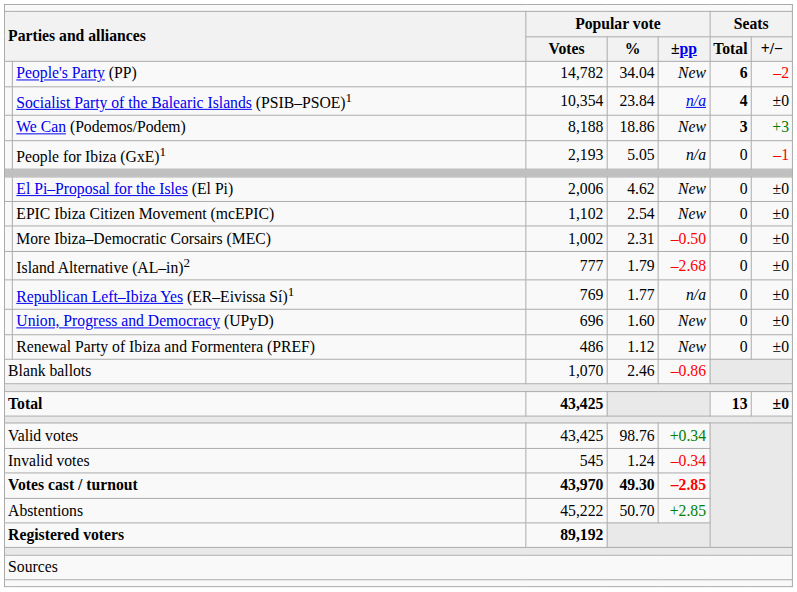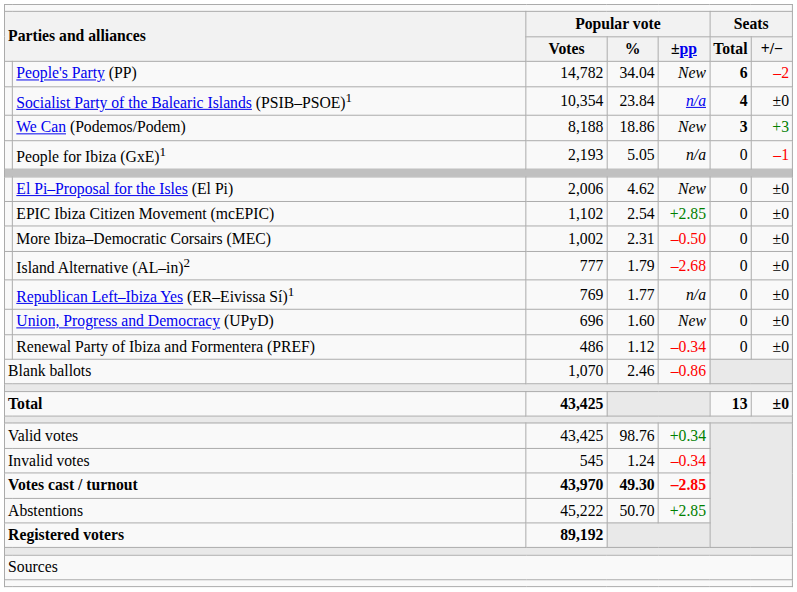 <table class="wikitable" style="text-align:right;">
 <tr>
 <td colspan="7"></td>
 </tr>
 <tr>
 <th style="text-align:left;" rowspan="2" colspan="2" width="525">Parties and alliances</th>
 <th colspan="3">Popular vote</th>
 <th colspan="2">Seats</th>
 </tr>
 <tr>
 <th width="75">Votes</th>
 <th width="45">%</th>
 <th width="45">±<a href='#'>pp</a></th>
 <th width="35">Total</th>
 <th width="35">+/−</th>
 </tr>
 <tr>
 <td width="1" style="color:inherit;background:"></td>
 <td align="left"><a href='#'>People's Party</a> (PP)</td>
 <td>14,782</td>
 <td>34.04</td>
 <td><em>New</em></td>
 <td><strong>6</strong></td>
 <td style="color:red;">–2</td>
 </tr>
 <tr>
 <td style="color:inherit;background:"></td>
 <td align="left"><a href='#'>Socialist Party of the Balearic Islands</a> (PSIB–PSOE)<sup>1</sup></td>
 <td>10,354</td>
 <td>23.84</td>
 <td><em><a href='#'>n/a</a></em></td>
 <td><strong>4</strong></td>
 <td>±0</td>
 </tr>
 <tr>
 <td style="color:inherit;background:"></td>
 <td align="left"><a href='#'>We Can</a> (Podemos/Podem)</td>
 <td>8,188</td>
 <td>18.86</td>
 <td><em>New</em></td>
 <td><strong>3</strong></td>
 <td style="color:green;">+3</td>
 </tr>
 <tr>
 <td style="color:inherit;background:"></td>
 <td align="left">People for Ibiza (GxE)<sup>1</sup></td>
 <td>2,193</td>
 <td>5.05</td>
 <td><em>n/a</em></td>
 <td>0</td>
 <td style="color:red;">–1</td>
 </tr>
 <tr>
 <td colspan="7" bgcolor="#C0C0C0"></td>
 </tr>
 <tr>
 <td style="color:inherit;background:"></td>
 <td align="left"><a href='#'>El Pi–Proposal for the Isles</a> (El Pi)</td>
 <td>2,006</td>
 <td>4.62</td>
 <td><em>New</em></td>
 <td>0</td>
 <td>±0</td>
 </tr>
 <tr>
 <td style="color:inherit;background:"></td>
 <td align="left">EPIC Ibiza Citizen Movement (mcEPIC)</td>
 <td>1,102</td>
 <td>2.54</td>
-<td><em>New</em></td>
+<td style="color:green;">+2.85</td>
 <td>0</td>
 <td>±0</td>
 </tr>
 <tr>
 <td style="color:inherit;background:"></td>
 <td align="left">More Ibiza–Democratic Corsairs (MEC)</td>
 <td>1,002</td>
 <td>2.31</td>
 <td style="color:red;">–0.50</td>
 <td>0</td>
 <td>±0</td>
 </tr>
 <tr>
 <td style="color:inherit;background:"></td>
 <td align="left">Island Alternative (AL–in)<sup>2</sup></td>
 <td>777</td>
 <td>1.79</td>
 <td style="color:red;">–2.68</td>
 <td>0</td>
 <td>±0</td>
 </tr>
 <tr>
 <td style="color:inherit;background:"></td>
 <td align="left"><a href='#'>Republican Left–Ibiza Yes</a> (ER–Eivissa Sí)<sup>1</sup></td>
 <td>769</td>
 <td>1.77</td>
 <td><em>n/a</em></td>
 <td>0</td>
 <td>±0</td>
 </tr>
 <tr>
 <td style="color:inherit;background:"></td>
 <td align="left"><a href='#'>Union, Progress and Democracy</a> (UPyD)</td>
 <td>696</td>
 <td>1.60</td>
 <td><em>New</em></td>
 <td>0</td>
 <td>±0</td>
 </tr>
 <tr>
 <td style="color:inherit;background:"></td>
 <td align="left">Renewal Party of Ibiza and Formentera (PREF)</td>
 <td>486</td>
 <td>1.12</td>
-<td><em>New</em></td>
+<td style="color:red;">–0.34</td>
 <td>0</td>
 <td>±0</td>
 </tr>
 <tr>
 <td align="left" colspan="2">Blank ballots</td>
 <td>1,070</td>
 <td>2.46</td>
 <td style="color:red;">–0.86</td>
 <td bgcolor="#E9E9E9" colspan="2"></td>
 </tr>
 <tr>
 <td colspan="7" bgcolor="#E9E9E9"></td>
 </tr>
 <tr style="font-weight:bold;">
 <td align="left" colspan="2">Total</td>
 <td>43,425</td>
 <td bgcolor="#E9E9E9" colspan="2"></td>
 <td>13</td>
 <td>±0</td>
 </tr>
 <tr>
 <td colspan="7" bgcolor="#E9E9E9"></td>
 </tr>
 <tr>
 <td align="left" colspan="2">Valid votes</td>
 <td>43,425</td>
 <td>98.76</td>
 <td style="color:green;">+0.34</td>
 <td bgcolor="#E9E9E9" colspan="2" rowspan="5"></td>
 </tr>
 <tr>
 <td align="left" colspan="2">Invalid votes</td>
 <td>545</td>
 <td>1.24</td>
 <td style="color:red;">–0.34</td>
 </tr>
 <tr style="font-weight:bold;">
 <td align="left" colspan="2">Votes cast / turnout</td>
 <td>43,970</td>
 <td>49.30</td>
 <td style="color:red;">–2.85</td>
 </tr>
 <tr>
 <td align="left" colspan="2">Abstentions</td>
 <td>45,222</td>
 <td>50.70</td>
 <td style="color:green;">+2.85</td>
 </tr>
 <tr style="font-weight:bold;">
 <td align="left" colspan="2">Registered voters</td>
 <td>89,192</td>
 <td bgcolor="#E9E9E9" colspan="2"></td>
 </tr>
 <tr>
 <td colspan="7" bgcolor="#E9E9E9"></td>
 </tr>
 <tr>
 <td align="left" colspan="7">Sources</td>
 </tr>
 <tr>
 <td colspan="7" style="text-align:left; max-width:790px;"></td>
 </tr>
 </table>
